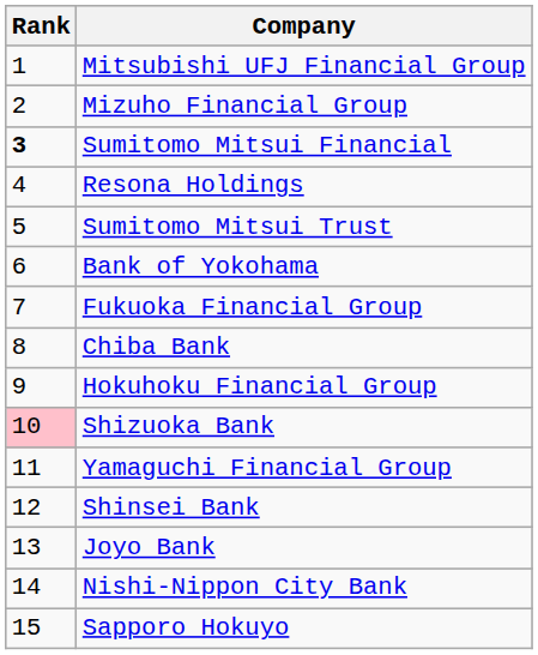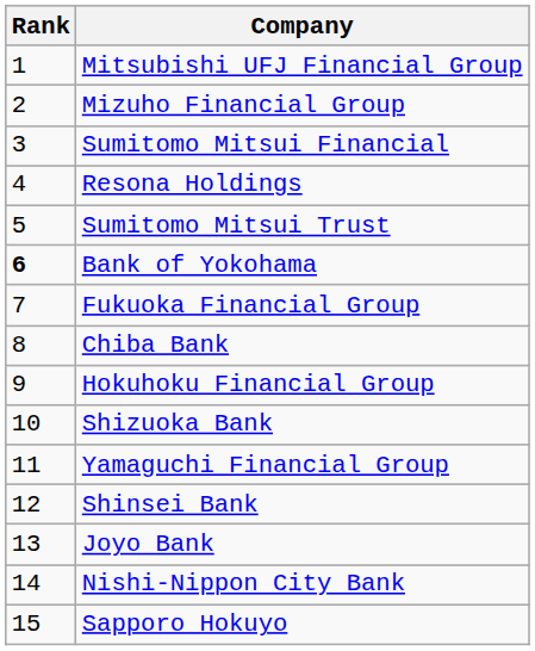 <table class="wikitable">
 <tr>
 <th>Rank</th>
 <th>Company</th>
 </tr>
 <tr>
 <td>1</td>
 <td><a href='#'>Mitsubishi UFJ Financial Group</a></td>
 </tr>
 <tr>
 <td>2</td>
 <td><a href='#'>Mizuho Financial Group</a></td>
 </tr>
 <tr>
-<td><strong>3</strong></td>
+<td>3</td>
 <td><a href='#'>Sumitomo Mitsui Financial</a></td>
 </tr>
 <tr>
 <td>4</td>
 <td><a href='#'>Resona Holdings</a></td>
 </tr>
 <tr>
 <td>5</td>
 <td><a href='#'>Sumitomo Mitsui Trust</a></td>
 </tr>
 <tr>
-<td>6</td>
+<td><strong>6</strong></td>
 <td><a href='#'>Bank of Yokohama</a></td>
 </tr>
 <tr>
 <td>7</td>
 <td><a href='#'>Fukuoka Financial Group</a></td>
 </tr>
 <tr>
 <td>8</td>
 <td><a href='#'>Chiba Bank</a></td>
 </tr>
 <tr>
 <td>9</td>
 <td><a href='#'>Hokuhoku Financial Group</a></td>
 </tr>
 <tr>
-<td style="background: pink;">10</td>
+<td>10</td>
 <td><a href='#'>Shizuoka Bank</a></td>
 </tr>
 <tr>
 <td>11</td>
 <td><a href='#'>Yamaguchi Financial Group</a></td>
 </tr>
 <tr>
 <td>12</td>
 <td><a href='#'>Shinsei Bank</a></td>
 </tr>
 <tr>
 <td>13</td>
 <td><a href='#'>Joyo Bank</a></td>
 </tr>
 <tr>
 <td>14</td>
 <td><a href='#'>Nishi-Nippon City Bank</a></td>
 </tr>
 <tr>
 <td>15</td>
 <td><a href='#'>Sapporo Hokuyo</a></td>
 </tr>
 </table>
